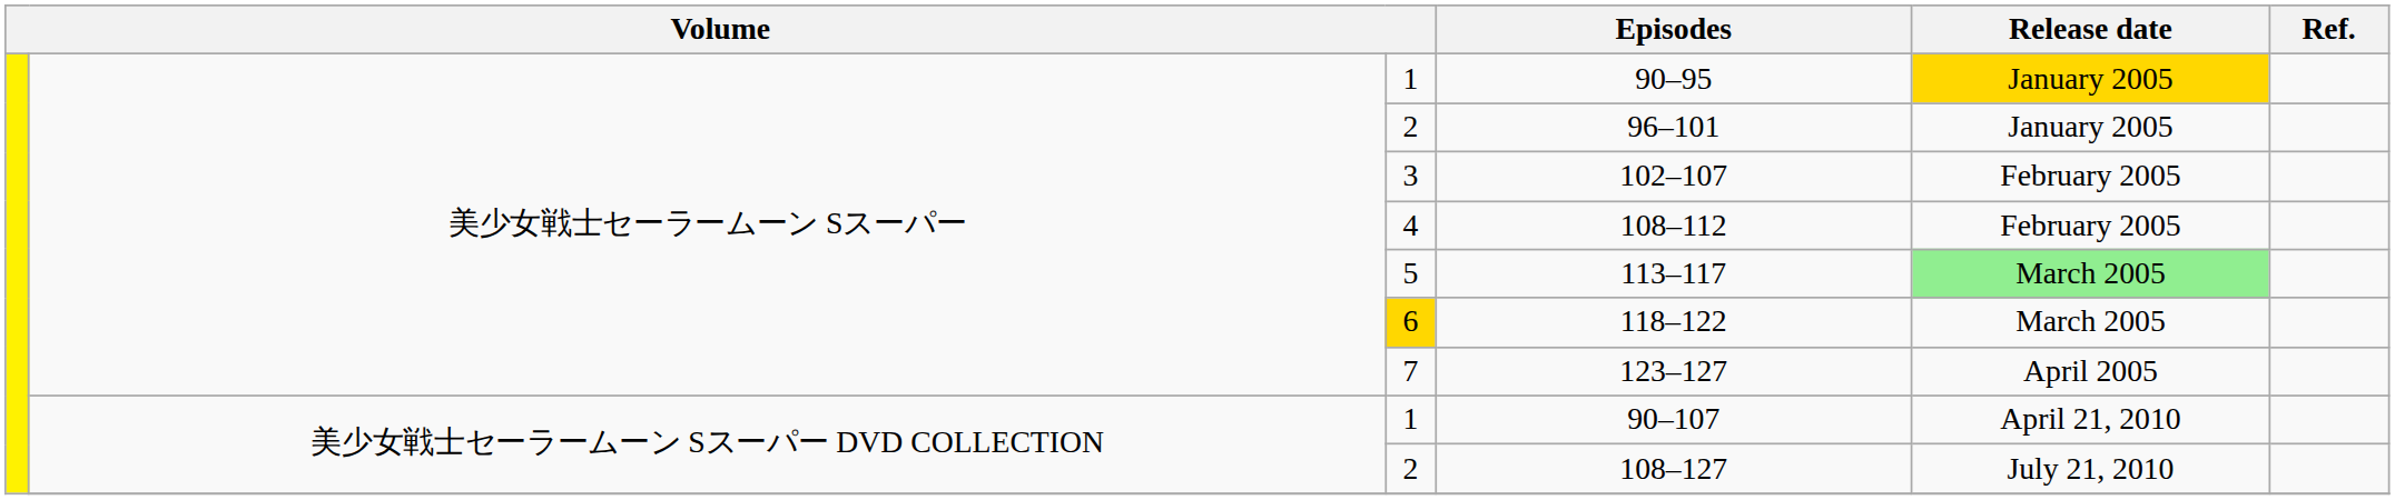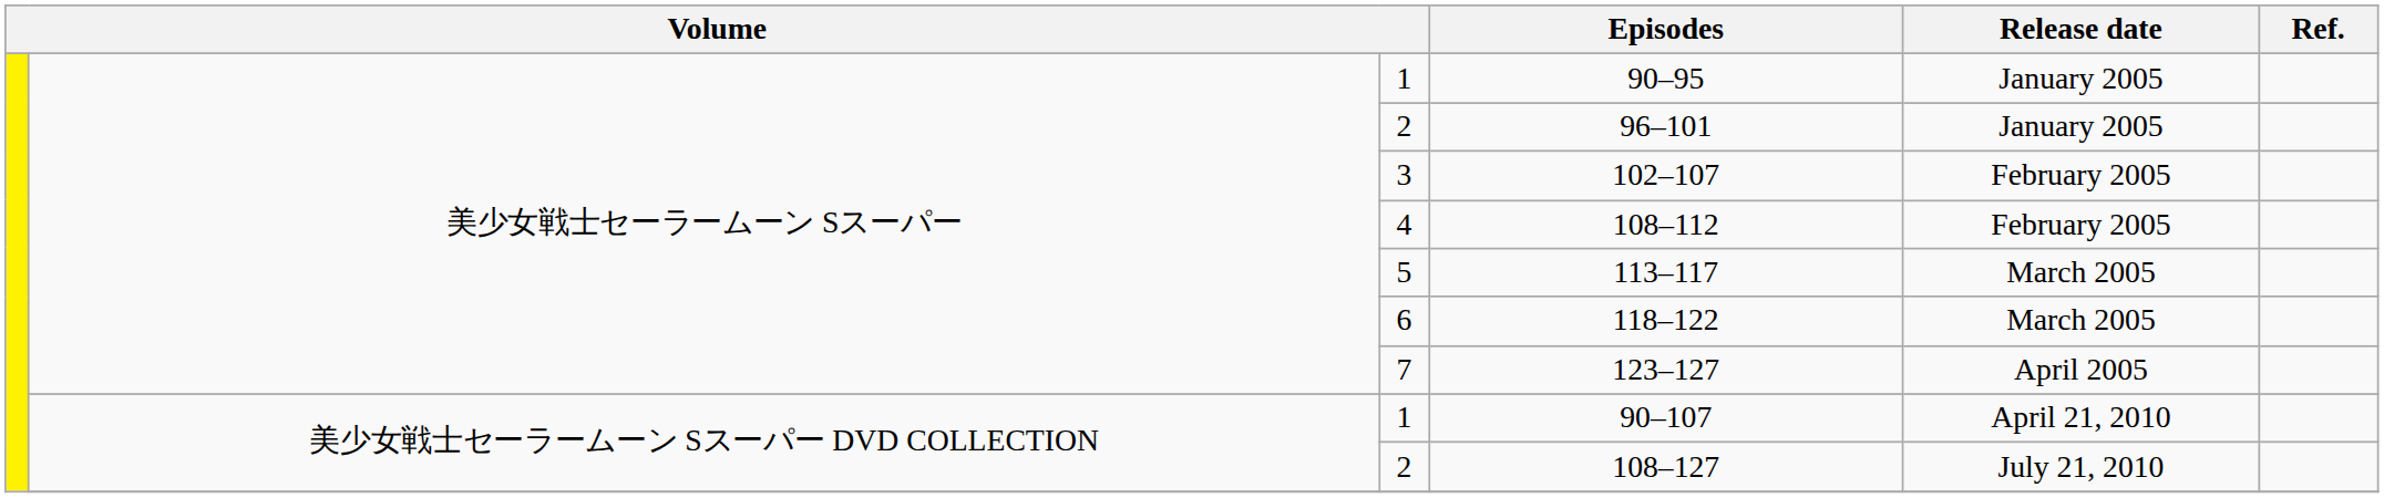 <table class="wikitable" style="text-align: center; width: 98%;">
 <tr>
 <th colspan="3">Volume</th>
 <th width="20%">Episodes</th>
 <th width="15%">Release date</th>
 <th width="5%">Ref.</th>
 </tr>
 <tr>
 <td rowspan="10" width="1%" style="background: #FFF200;"></td>
 <td rowspan="7">美少女戦士セーラームーン Sスーパー</td>
 <td>1</td>
 <td>90–95</td>
-<td style="background: gold;">January 2005</td>
+<td>January 2005</td>
 <td></td>
 </tr>
 <tr>
 <td>2</td>
 <td>96–101</td>
 <td>January 2005</td>
 <td></td>
 </tr>
 <tr>
 <td>3</td>
 <td>102–107</td>
 <td>February 2005</td>
 <td></td>
 </tr>
 <tr>
 <td>4</td>
 <td>108–112</td>
 <td>February 2005</td>
 <td></td>
 </tr>
 <tr>
 <td>5</td>
 <td>113–117</td>
-<td style="background: lightgreen;">March 2005</td>
+<td>March 2005</td>
 <td></td>
 </tr>
 <tr>
-<td style="background: gold;">6</td>
+<td>6</td>
 <td>118–122</td>
 <td>March 2005</td>
 <td></td>
 </tr>
 <tr>
 <td>7</td>
 <td>123–127</td>
 <td>April 2005</td>
 <td></td>
 </tr>
 <tr>
 <td rowspan="2">美少女戦士セーラームーン Sスーパー DVD COLLECTION</td>
 <td>1</td>
 <td>90–107</td>
 <td>April 21, 2010</td>
 <td></td>
 </tr>
 <tr>
 <td>2</td>
 <td>108–127</td>
 <td>July 21, 2010</td>
 <td></td>
 </tr>
 <tr>
 </tr>
 </table>
